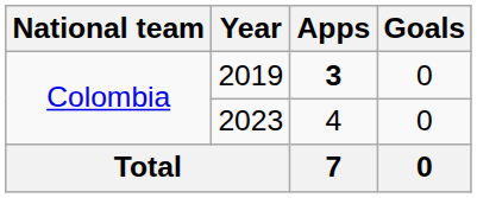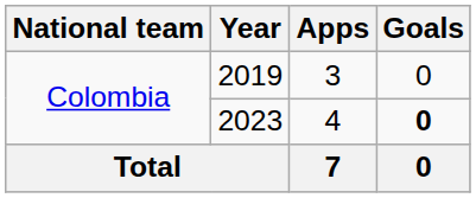 <table class=wikitable style=text-align:center>
 <tr>
 <th>National team</th>
 <th>Year</th>
 <th>Apps</th>
 <th>Goals</th>
 </tr>
 <tr>
 <td rowspan="2"><a href='#'>Colombia</a></td>
 <td>2019</td>
-<td><strong>3</strong></td>
+<td>3</td>
 <td>0</td>
 </tr>
 <tr>
 <td>2023</td>
 <td>4</td>
-<td>0</td>
+<td><strong>0</strong></td>
 </tr>
 <tr>
 <th colspan="2">Total</th>
 <th>7</th>
 <th>0</th>
 </tr>
 </table>
